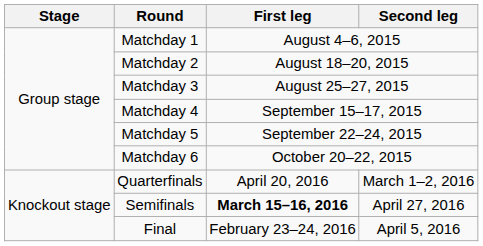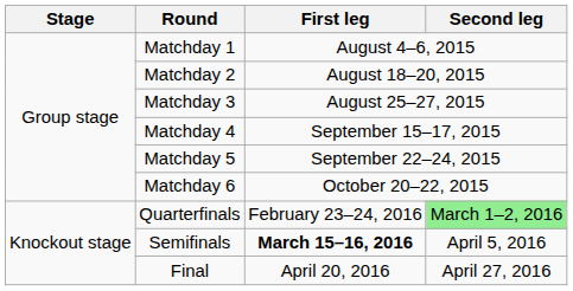 <table class="wikitable" style="text-align:center">
 <tr>
 <th>Stage</th>
 <th>Round</th>
 <th>First leg</th>
 <th>Second leg</th>
 </tr>
 <tr>
 <td rowspan=6>Group stage</td>
 <td>Matchday 1</td>
 <td colspan=2>August 4–6, 2015</td>
 </tr>
 <tr>
 <td>Matchday 2</td>
 <td colspan=2>August 18–20, 2015</td>
 </tr>
 <tr>
 <td>Matchday 3</td>
 <td colspan=2>August 25–27, 2015</td>
 </tr>
 <tr>
 <td>Matchday 4</td>
 <td colspan=2>September 15–17, 2015</td>
 </tr>
 <tr>
 <td>Matchday 5</td>
 <td colspan=2>September 22–24, 2015</td>
 </tr>
 <tr>
 <td>Matchday 6</td>
 <td colspan=2>October 20–22, 2015</td>
 </tr>
 <tr>
 <td rowspan=3>Knockout stage</td>
 <td>Quarterfinals</td>
-<td>April 20, 2016</td>
-<td>March 1–2, 2016</td>
+<td>February 23–24, 2016</td>
+<td style="background: lightgreen;">March 1–2, 2016</td>
 </tr>
 <tr>
 <td>Semifinals</td>
 <td><strong>March 15–16, 2016</strong></td>
-<td>April 27, 2016</td>
+<td>April 5, 2016</td>
 </tr>
 <tr>
 <td>Final</td>
-<td>February 23–24, 2016</td>
-<td>April 5, 2016</td>
+<td>April 20, 2016</td>
+<td>April 27, 2016</td>
 </tr>
 </table>
